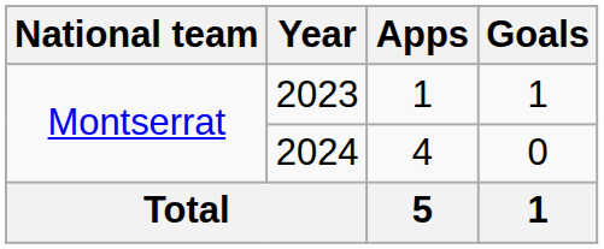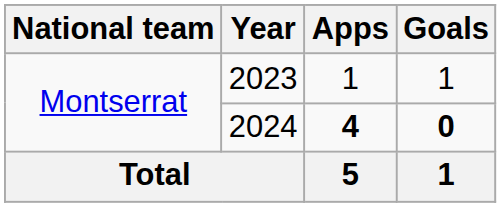 <table class="wikitable" style="text-align: center;">
 <tr>
 <th>National team</th>
 <th>Year</th>
 <th>Apps</th>
 <th>Goals</th>
 </tr>
 <tr>
 <td rowspan="2"><a href='#'>Montserrat</a></td>
 <td>2023</td>
 <td>1</td>
 <td>1</td>
 </tr>
 <tr>
 <td>2024</td>
-<td>4</td>
-<td>0</td>
+<td><strong>4</strong></td>
+<td><strong>0</strong></td>
 </tr>
 <tr>
 <th colspan=2>Total</th>
 <th>5</th>
 <th>1</th>
 </tr>
 </table>
